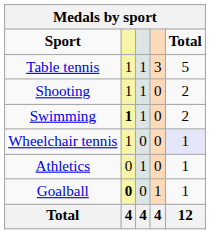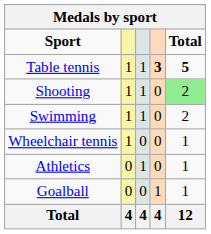 <table class="wikitable" border="1" style="font-size:85%; float:down">
 <tr bgcolor=#efefef>
 <th colspan=7>Medals by sport</th>
 </tr>
 <tr align=center>
 <td><strong>Sport</strong></td>
 <td bgcolor=#f7f6a8></td>
 <td bgcolor=#dce5e5></td>
 <td bgcolor=#ffdab9></td>
 <td><strong>Total</strong></td>
 </tr>
 <tr align=center>
 <td><a href='#'>Table tennis</a></td>
 <td bgcolor=#f7f6a8>1</td>
 <td bgcolor=#dce5e5>1</td>
-<td bgcolor=#ffdab9>3</td>
-<td>5</td>
+<td bgcolor=#ffdab9><strong>3</strong></td>
+<td><strong>5</strong></td>
 </tr>
 <tr align=center>
 <td><a href='#'>Shooting</a></td>
 <td bgcolor=#f7f6a8>1</td>
 <td bgcolor=#dce5e5>1</td>
 <td bgcolor=#ffdab9>0</td>
-<td>2</td>
+<td style="background: lightgreen;">2</td>
 </tr>
 <tr align=center>
 <td><a href='#'>Swimming</a></td>
-<td bgcolor=#f7f6a8><strong>1</strong></td>
+<td bgcolor=#f7f6a8>1</td>
 <td bgcolor=#dce5e5>1</td>
 <td bgcolor=#ffdab9>0</td>
 <td>2</td>
 </tr>
 <tr align=center>
 <td><a href='#'>Wheelchair tennis</a></td>
 <td bgcolor=#f7f6a8>1</td>
 <td bgcolor=#dce5e5>0</td>
 <td bgcolor=#ffdab9>0</td>
-<td style="background: lavender;">1</td>
+<td>1</td>
 </tr>
 <tr align=center>
 <td><a href='#'>Athletics</a></td>
 <td bgcolor=#f7f6a8>0</td>
 <td bgcolor=#dce5e5>1</td>
 <td bgcolor=#ffdab9>0</td>
 <td>1</td>
 </tr>
 <tr align=center>
 <td><a href='#'>Goalball</a></td>
-<td bgcolor=#f7f6a8><strong>0</strong></td>
+<td bgcolor=#f7f6a8>0</td>
 <td bgcolor=#dce5e5>0</td>
 <td bgcolor=#ffdab9>1</td>
 <td>1</td>
 </tr>
 <tr align=center>
 <th>Total</th>
 <th bgcolor=gold>4</th>
 <th bgcolor=silver>4</th>
 <th bgcolor=#c96>4</th>
 <th>12</th>
 </tr>
 </table>
